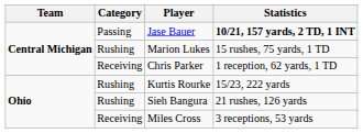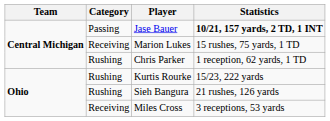 <table class="wikitable" style="float: right;">
 <tr>
 <th>Team</th>
 <th>Category</th>
 <th>Player</th>
 <th>Statistics</th>
 </tr>
 <tr>
 <td rowspan=3><strong>Central Michigan</strong></td>
 <td>Passing</td>
 <td><a href='#'>Jase Bauer</a></td>
 <td><strong>10/21, 157 yards, 2 TD, 1 INT</strong></td>
 </tr>
 <tr>
-<td>Rushing</td>
+<td>Receiving</td>
 <td>Marion Lukes</td>
 <td>15 rushes, 75 yards, 1 TD</td>
 </tr>
 <tr>
-<td>Receiving</td>
+<td>Rushing</td>
 <td>Chris Parker</td>
 <td>1 reception, 62 yards, 1 TD</td>
 </tr>
 <tr>
 <td rowspan=3><strong>Ohio</strong></td>
 <td>Rushing</td>
 <td>Kurtis Rourke</td>
 <td>15/23, 222 yards</td>
 </tr>
 <tr>
 <td>Rushing</td>
 <td>Sieh Bangura</td>
 <td>21 rushes, 126 yards</td>
 </tr>
 <tr>
 <td>Receiving</td>
 <td>Miles Cross</td>
 <td>3 receptions, 53 yards</td>
 </tr>
 </table>
